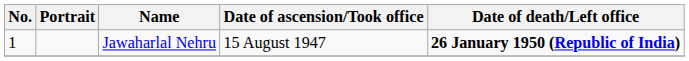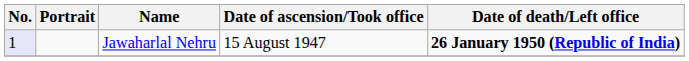 <table class="wikitable">
 <tr>
 <th>No.</th>
 <th>Portrait</th>
 <th>Name</th>
 <th>Date of ascension/Took office</th>
 <th>Date of death/Left office</th>
 </tr>
 <tr>
-<td>1</td>
+<td style="background: lavender;">1</td>
 <td></td>
 <td><a href='#'>Jawaharlal Nehru</a></td>
 <td>15 August 1947</td>
 <td><strong>26 January 1950 (<a href='#'>Republic of India</a>)</strong></td>
 </tr>
 <tr>
 </tr>
 </table>
